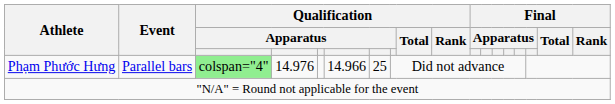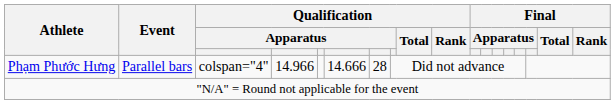 <table class="wikitable" style="font-size:92%">
 <tr>
 <th rowspan="3">Athlete</th>
 <th rowspan="3">Event</th>
 <th colspan="8">Qualification</th>
 <th colspan="8">Final</th>
 </tr>
 <tr style="font-size:95%">
 <th colspan="6">Apparatus</th>
 <th rowspan="2">Total</th>
 <th rowspan="2">Rank</th>
 <th colspan="6">Apparatus</th>
 <th rowspan="2">Total</th>
 <th rowspan="2">Rank</th>
 </tr>
 <tr style="font-size:95%">
 <th></th>
 <th></th>
 <th></th>
 <th></th>
 <th></th>
 <th></th>
 <th></th>
 <th></th>
 <th></th>
 <th></th>
 <th></th>
 <th></th>
 </tr>
 <tr align="center">
 <td align="left"><a href='#'>Phạm Phước Hưng</a></td>
 <td align="left"><a href='#'>Parallel bars</a></td>
-<td style="background: lightgreen;">colspan="4" </td>
-<td>14.976</td>
+<td>colspan="4" </td>
+<td>14.966</td>
 <td></td>
-<td>14.966</td>
-<td>25</td>
+<td>14.666</td>
+<td>28</td>
 <td colspan="8">Did not advance</td>
 </tr>
 <tr>
 <td colspan="18" style="font-size:90%; text-align:center;">"N/A" = Round not applicable for the event</td>
 </tr>
 </table>
